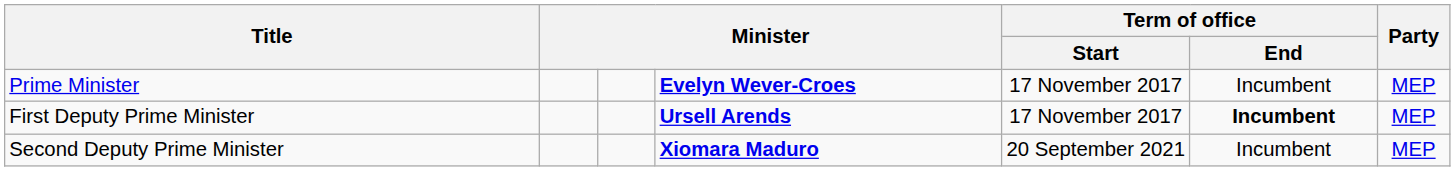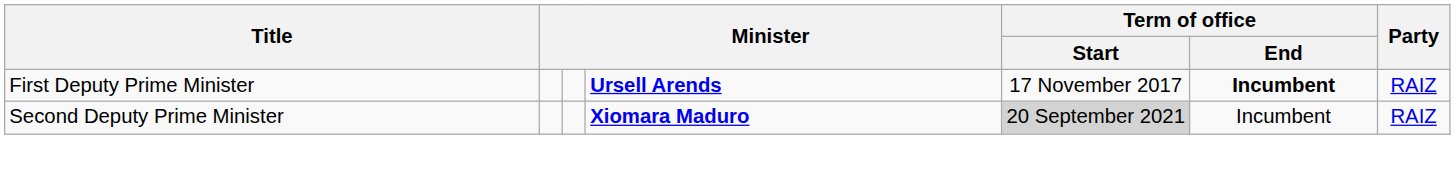 <table class="wikitable sortable" style="text-align:left">
 <tr>
 <th rowspan="2" width="37%">Title</th>
 <th colspan="3" rowspan="2">Minister</th>
 <th colspan="2">Term of office</th>
 <th rowspan="2" width="5%">Party</th>
 </tr>
 <tr>
 <th width="13%" data-sort-type=date>Start</th>
 <th width="13%" data-sort-type=date>End</th>
 </tr>
 <tr>
-<td><a href='#'>Prime Minister</a></td>
-<td style="background:"></td>
-<td></td>
-<td width="24%"><strong><a href='#'>Evelyn Wever-Croes</a></strong></td>
-<td style="text-align:center">17 November 2017</td>
-<td style="text-align:center">Incumbent</td>
-<td style="text-align:center"><a href='#'>MEP</a></td>
-</tr>
-<tr>
 <td>First Deputy Prime Minister</td>
 <td style="background:"></td>
 <td></td>
 <td><strong><a href='#'>Ursell Arends</a></strong></td>
 <td style="text-align:center">17 November 2017</td>
 <td style="text-align:center"><strong>Incumbent</strong></td>
-<td style="text-align:center"><a href='#'>MEP</a></td>
+<td style="text-align:center"><a href='#'>RAIZ</a></td>
 </tr>
 <tr>
 <td>Second Deputy Prime Minister</td>
 <td style="background:"></td>
 <td></td>
 <td><strong><a href='#'>Xiomara Maduro</a></strong></td>
-<td style="text-align:center">20 September 2021</td>
+<td style="background: lightgrey; text-align:center">20 September 2021</td>
 <td style="text-align:center">Incumbent</td>
-<td style="text-align:center"><a href='#'>MEP</a></td>
+<td style="text-align:center"><a href='#'>RAIZ</a></td>
 </tr>
 </table>
